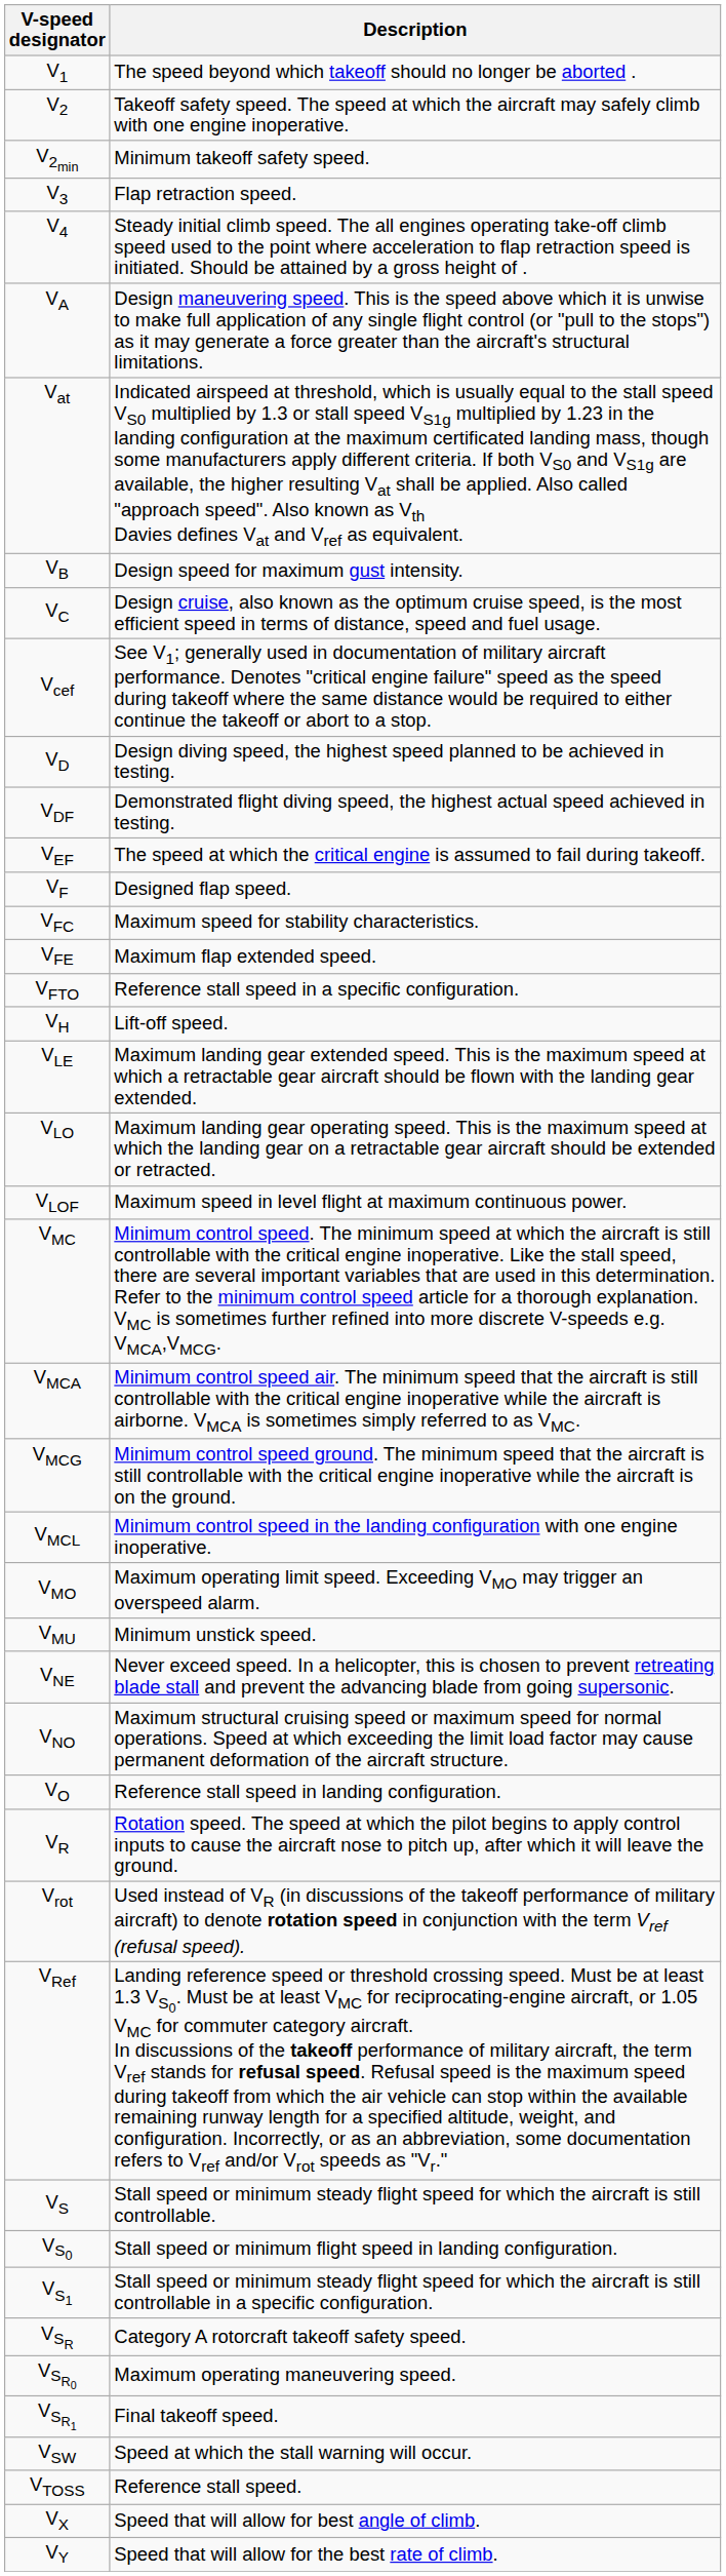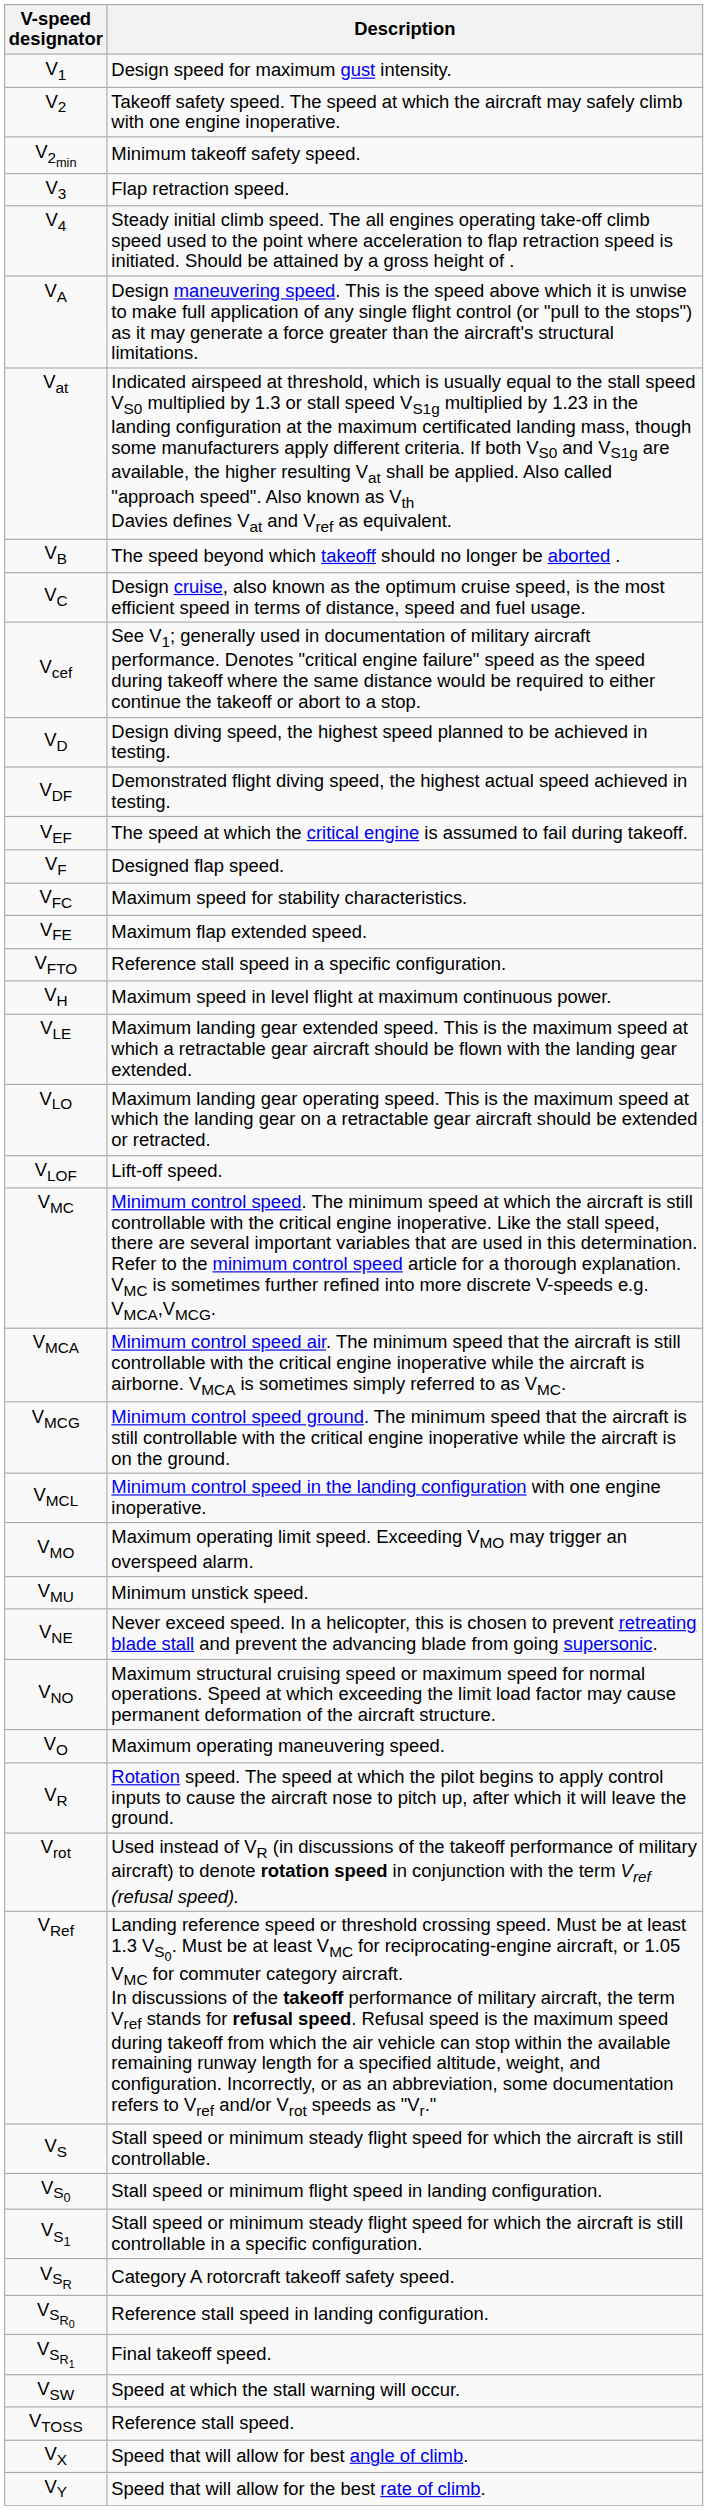 <table class="wikitable">
 <tr>
 <th style="width:7%;">V-speed designator</th>
 <th>Description</th>
 </tr>
 <tr id="V1">
 <td style="text-align:center;">V<sub>1</sub></td>
-<td>The speed beyond which <a href='#'>takeoff</a> should no longer be <a href='#'>aborted</a> .</td>
+<td>Design speed for maximum <a href='#'>gust</a> intensity.</td>
 </tr>
 <tr id="V2">
 <td style="vertical-align:top; text-align:center;">V<sub>2</sub></td>
 <td>Takeoff safety speed. The speed at which the aircraft may safely climb with one engine inoperative.</td>
 </tr>
 <tr id="V2min">
 <td style="vertical-align:top; text-align:center;">V<sub>2<sub>min</sub></sub></td>
 <td>Minimum takeoff safety speed.</td>
 </tr>
 <tr id="V3">
 <td style="vertical-align:top; text-align:center;">V<sub>3</sub></td>
 <td>Flap retraction speed.</td>
 </tr>
 <tr id="V4">
 <td style="vertical-align:top; text-align:center;">V<sub>4</sub></td>
 <td>Steady initial climb speed. The all engines operating take-off climb speed used to the point where acceleration to flap retraction speed is initiated. Should be attained by a gross height of .</td>
 </tr>
 <tr id="VA">
 <td style="vertical-align:top; text-align:center;">V<sub>A</sub></td>
 <td>Design <a href='#'>maneuvering speed</a>.  This is the speed above which it is unwise to make full application of any single flight control (or "pull to the stops") as it may generate a force greater than the aircraft's structural limitations.</td>
 </tr>
 <tr id="Vat">
 <td style="vertical-align:top; text-align:center;">V<sub>at</sub></td>
 <td>Indicated airspeed at threshold, which is usually equal to the stall speed V<sub>S0</sub> multiplied by 1.3 or stall speed V<sub>S1g</sub> multiplied by 1.23 in the landing configuration at the maximum certificated landing mass, though some manufacturers apply different criteria. If both V<sub>S0</sub> and V<sub>S1g</sub> are available, the higher resulting V<sub>at</sub> shall be applied. Also called "approach speed". Also known as V<sub>th</sub><br>Davies defines V<sub>at</sub> and V<sub>ref</sub> as equivalent.</td>
 </tr>
 <tr id="VB">
 <td style="text-align:center;">V<sub>B</sub></td>
-<td>Design speed for maximum <a href='#'>gust</a> intensity.</td>
+<td>The speed beyond which <a href='#'>takeoff</a> should no longer be <a href='#'>aborted</a> .</td>
 </tr>
 <tr id="VC">
 <td style="text-align:center;">V<sub>C</sub></td>
 <td>Design <a href='#'>cruise</a>, also known as the optimum cruise speed, is the most efficient speed in terms of distance, speed and fuel usage.</td>
 </tr>
 <tr id="Vcef">
 <td style="text-align:center;">V<sub>cef</sub></td>
 <td>See V<sub>1</sub>; generally used in documentation of military aircraft performance. Denotes "critical engine failure" speed as the speed during takeoff where the same distance would be required to either continue the takeoff or abort to a stop.</td>
 </tr>
 <tr id="VD">
 <td style="text-align:center;">V<sub>D</sub></td>
 <td>Design diving speed, the highest speed planned to be achieved in testing.</td>
 </tr>
 <tr id="VDF">
 <td style="text-align:center;">V<sub>DF</sub></td>
 <td>Demonstrated flight diving speed, the highest actual speed achieved in testing.</td>
 </tr>
 <tr id="VEF">
 <td style="text-align:center;">V<sub>EF</sub></td>
 <td>The speed at which the <a href='#'>critical engine</a> is assumed to fail during takeoff.</td>
 </tr>
 <tr id="VF">
 <td style="text-align:center;">V<sub>F</sub></td>
 <td>Designed flap speed.</td>
 </tr>
 <tr id="VFC">
 <td style="text-align:center;">V<sub>FC</sub></td>
 <td>Maximum speed for stability characteristics.</td>
 </tr>
 <tr id="VFE">
 <td style="text-align:center;">V<sub>FE</sub></td>
 <td>Maximum flap extended speed.</td>
 </tr>
 <tr id="VFTO">
 <td style="text-align:center;">V<sub>FTO</sub></td>
 <td>Reference stall speed in a specific configuration.</td>
 </tr>
 <tr id="VH">
 <td style="text-align:center;">V<sub>H</sub></td>
-<td>Lift-off speed.</td>
+<td>Maximum speed in level flight at maximum continuous power.</td>
 </tr>
 <tr id="VLE">
 <td style="vertical-align:top; text-align:center;">V<sub>LE</sub></td>
 <td>Maximum landing gear extended speed.  This is the maximum speed at which a retractable gear aircraft should be flown with the landing gear extended.</td>
 </tr>
 <tr id="VLO">
 <td style="vertical-align:top; text-align:center;">V<sub>LO</sub></td>
 <td>Maximum landing gear operating speed. This is the maximum speed at which the landing gear on a retractable gear aircraft should be extended or retracted.</td>
 </tr>
 <tr id="VLOF">
 <td style="text-align:center;">V<sub>LOF</sub></td>
-<td>Maximum speed in level flight at maximum continuous power.</td>
+<td>Lift-off speed.</td>
 </tr>
 <tr id="VMC">
 <td style="vertical-align:top; text-align:center;">V<sub>MC</sub></td>
 <td><a href='#'>Minimum control speed</a>. The minimum speed at which the aircraft is still controllable with the critical engine inoperative. Like the stall speed, there are several important variables that are used in this determination. Refer to the <a href='#'>minimum control speed</a> article for a thorough explanation. V<sub>MC</sub> is sometimes further refined into more discrete V-speeds e.g. V<sub>MCA</sub>,V<sub>MCG</sub>.</td>
 </tr>
 <tr id="Vmca">
 <td style="vertical-align:top; text-align:center;">V<sub>MCA</sub></td>
 <td><a href='#'>Minimum control speed air</a>. The minimum speed that the aircraft is still controllable with the critical engine inoperative while the aircraft is airborne. V<sub>MCA</sub> is sometimes simply referred to as V<sub>MC</sub>.</td>
 </tr>
 <tr id="Vmcg">
 <td style="vertical-align:top; text-align:center;">V<sub>MCG</sub></td>
 <td><a href='#'>Minimum control speed ground</a>. The minimum speed that the aircraft is still controllable with the critical engine inoperative while the aircraft is on the ground.</td>
 </tr>
 <tr id="Vmcl">
 <td style="text-align:center;">V<sub>MCL</sub></td>
 <td><a href='#'>Minimum control speed in the landing configuration</a> with one engine inoperative.</td>
 </tr>
 <tr id="VMO">
 <td style="text-align:center;">V<sub>MO</sub></td>
 <td>Maximum operating limit speed. Exceeding V<sub>MO</sub> may trigger an overspeed alarm.</td>
 </tr>
 <tr id="VMU">
 <td style="text-align:center;">V<sub>MU</sub></td>
 <td>Minimum unstick speed.</td>
 </tr>
 <tr id="VNE">
 <td style="text-align:center;">V<sub>NE</sub></td>
 <td>Never exceed speed. In a helicopter, this is chosen to prevent <a href='#'>retreating blade stall</a> and prevent the advancing blade from going <a href='#'>supersonic</a>.</td>
 </tr>
 <tr id="VNO">
 <td style="text-align:center;">V<sub>NO</sub></td>
 <td>Maximum structural cruising speed or maximum speed for normal operations. Speed at which exceeding the limit load factor may cause permanent deformation of the aircraft structure.</td>
 </tr>
 <tr id="VO">
 <td style="text-align:center;">V<sub>O</sub></td>
-<td>Reference stall speed in landing configuration.</td>
+<td>Maximum operating maneuvering speed.</td>
 </tr>
 <tr id="VR">
 <td style="text-align:center;">V<sub>R</sub></td>
 <td><a href='#'>Rotation</a> speed. The speed at which the pilot begins to apply control inputs to cause the aircraft nose to pitch up, after which it will leave the ground.</td>
 </tr>
 <tr id="Vrot">
 <td style="vertical-align:top; text-align:center;">V<sub>rot</sub></td>
 <td>Used instead of V<sub>R</sub> (in discussions of the takeoff performance of military aircraft) to denote <strong>rotation speed</strong> in conjunction with the term <em>V<sub>ref</sub> (refusal speed).</em></td>
 </tr>
 <tr id="VRef">
 <td style="vertical-align:top; text-align:center;">V<sub>Ref</sub></td>
 <td>Landing reference speed or threshold crossing speed. Must be at least 1.3 V<sub>S<sub>0</sub></sub>. Must be at least V<sub>MC</sub> for reciprocating-engine aircraft, or 1.05 V<sub>MC</sub> for commuter category aircraft.<br>In discussions of the <strong>takeoff</strong> performance of military aircraft, the term V<sub>ref</sub> stands for <strong>refusal speed</strong>.  Refusal speed is the maximum speed during takeoff from which the air vehicle can stop within the available remaining runway length for a specified altitude, weight, and configuration. Incorrectly, or as an abbreviation, some documentation refers to V<sub>ref</sub> and/or V<sub>rot</sub> speeds as "V<sub>r</sub>."</td>
 </tr>
 <tr id="VS">
 <td style="text-align:center;">V<sub>S</sub></td>
 <td>Stall speed or minimum steady flight speed for which the aircraft is still controllable.</td>
 </tr>
 <tr id="VS0">
 <td style="text-align:center;">V<sub>S<sub>0</sub></sub></td>
 <td>Stall speed or minimum flight speed in landing configuration.</td>
 </tr>
 <tr id="VS1">
 <td style="text-align:center;">V<sub>S<sub>1</sub></sub></td>
 <td>Stall speed or minimum steady flight speed for which the aircraft is still controllable in a specific configuration.</td>
 </tr>
 <tr id="VSR">
 <td style="text-align:center;">V<sub>S<sub>R</sub></sub></td>
 <td>Category A rotorcraft takeoff safety speed.</td>
 </tr>
 <tr id="VSR0">
 <td style="text-align:center;">V<sub>S<sub>R<sub>0</sub></sub></sub></td>
-<td>Maximum operating maneuvering speed.</td>
+<td>Reference stall speed in landing configuration.</td>
 </tr>
 <tr id="VSR1">
 <td style="text-align:center;">V<sub>S<sub>R<sub>1</sub></sub></sub></td>
 <td>Final takeoff speed.</td>
 </tr>
 <tr id="VSW">
 <td style="text-align:center;">V<sub>SW</sub></td>
 <td>Speed at which the stall warning will occur.</td>
 </tr>
 <tr id="VTOSS">
 <td style="text-align:center;">V<sub>TOSS</sub></td>
 <td>Reference stall speed.</td>
 </tr>
 <tr id="VX">
 <td style="text-align:center;">V<sub>X</sub></td>
 <td>Speed that will allow for best <a href='#'>angle of climb</a>.</td>
 </tr>
 <tr id="VY">
 <td style="text-align:center;">V<sub>Y</sub></td>
 <td>Speed that will allow for the best <a href='#'>rate of climb</a>.</td>
 </tr>
 </table>
